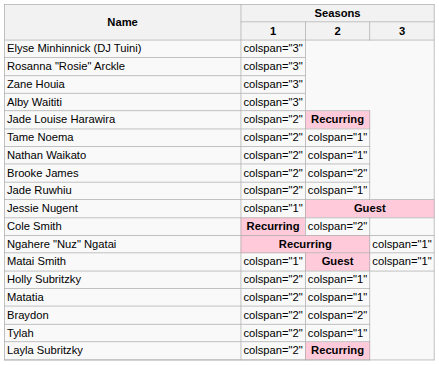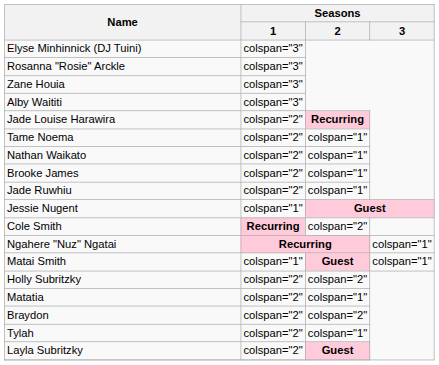 <table class="wikitable">
 <tr>
 <th rowspan="2">Name</th>
 <th colspan="4">Seasons</th>
 </tr>
 <tr>
 <th style="width:15%;">1</th>
 <th style="width:15%;">2</th>
 <th style="width:15%;">3</th>
 </tr>
 <tr>
 <td>Elyse Minhinnick (DJ Tuini)</td>
 <td>colspan="3" </td>
 </tr>
 <tr>
 <td>Rosanna "Rosie" Arckle</td>
 <td>colspan="3" </td>
 </tr>
 <tr>
 <td>Zane Houia</td>
 <td>colspan="3" </td>
 </tr>
 <tr>
 <td>Alby Waititi</td>
 <td>colspan="3" </td>
 </tr>
 <tr>
 <td>Jade Louise Harawira</td>
 <td>colspan="2" </td>
 <td style="background: #FFCBDB" colspan="1" align="center"><strong>Recurring</strong></td>
 </tr>
 <tr>
 <td>Tame Noema</td>
 <td>colspan="2" </td>
 <td>colspan="1" </td>
 </tr>
 <tr>
 <td>Nathan Waikato</td>
 <td>colspan="2" </td>
 <td>colspan="1" </td>
 </tr>
 <tr>
 <td>Brooke James</td>
 <td>colspan="2" </td>
-<td>colspan="2" </td>
+<td>colspan="1" </td>
 </tr>
 <tr>
 <td>Jade Ruwhiu</td>
 <td>colspan="2" </td>
 <td>colspan="1" </td>
 </tr>
 <tr>
 <td>Jessie Nugent</td>
 <td>colspan="1" </td>
 <td colspan="2" style="background: #FFCBDB" align="center"><strong>Guest</strong></td>
 </tr>
 <tr>
 <td>Cole Smith</td>
 <td style="background: #FFCBDB" colspan="1" align="center"><strong>Recurring</strong></td>
 <td>colspan="2" </td>
 </tr>
 <tr>
 <td>Ngahere "Nuz" Ngatai</td>
 <td style="background: #FFCBDB" colspan="2" align="center"><strong>Recurring</strong></td>
 <td>colspan="1" </td>
 </tr>
 <tr>
 <td>Matai Smith</td>
 <td>colspan="1" </td>
 <td style="background: #FFCBDB" colspan="1" align="center"><strong>Guest</strong></td>
 <td>colspan="1" </td>
 </tr>
 <tr>
 <td>Holly Subritzky</td>
 <td>colspan="2" </td>
-<td>colspan="1" </td>
+<td>colspan="2" </td>
 </tr>
 <tr>
 <td>Matatia</td>
 <td>colspan="2" </td>
 <td>colspan="1" </td>
 </tr>
 <tr>
 <td>Braydon</td>
 <td>colspan="2" </td>
 <td>colspan="2" </td>
 </tr>
 <tr>
 <td>Tylah</td>
 <td>colspan="2" </td>
 <td>colspan="1" </td>
 </tr>
 <tr>
 <td>Layla Subritzky</td>
 <td>colspan="2" </td>
-<td style="background: #FFCBDB" colspan="1" align="center"><strong>Recurring</strong></td>
+<td style="background: #FFCBDB" colspan="1" align="center"><strong>Guest</strong></td>
 </tr>
 <tr>
 </tr>
 </table>
